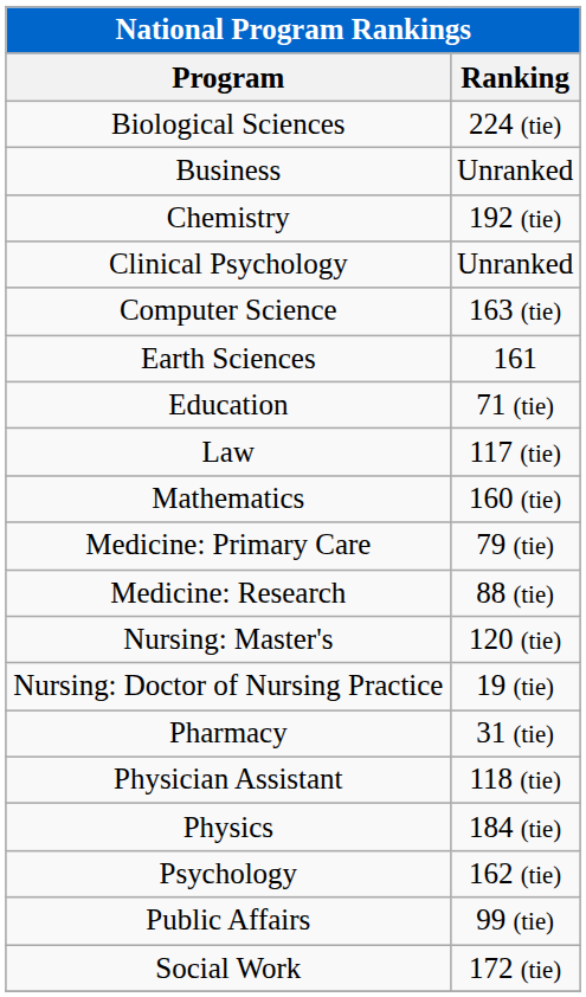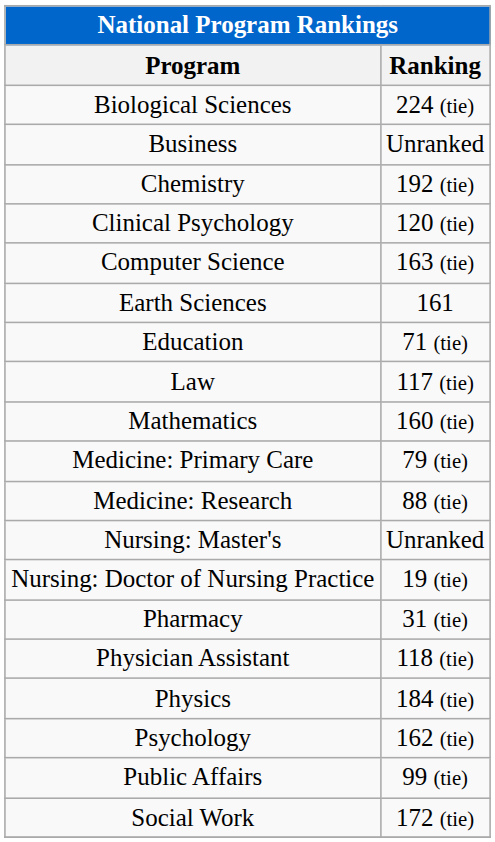 <table class="wikitable sortable collapsible collapsed" style="float:right; clear:right; text-align:center">
 <tr>
 <th colspan=4 style="background:#0066cc; color:#ffffff; ">National Program Rankings</th>
 </tr>
 <tr>
 <th>Program</th>
 <th>Ranking</th>
 </tr>
 <tr>
 <td>Biological Sciences</td>
 <td>224 <small>(tie)</small></td>
 </tr>
 <tr>
 <td>Business</td>
 <td>Unranked</td>
 </tr>
 <tr>
 <td>Chemistry</td>
 <td>192 <small>(tie)</small></td>
 </tr>
 <tr>
 <td>Clinical Psychology</td>
-<td>Unranked</td>
+<td>120 <small>(tie)</small></td>
 </tr>
 <tr>
 <td>Computer Science</td>
 <td>163 <small>(tie)</small></td>
 </tr>
 <tr>
 <td>Earth Sciences</td>
 <td>161</td>
 </tr>
 <tr>
 <td>Education</td>
 <td>71 <small>(tie)</small></td>
 </tr>
 <tr>
 <td>Law</td>
 <td>117 <small>(tie)</small></td>
 </tr>
 <tr>
 <td>Mathematics</td>
 <td>160 <small>(tie)</small></td>
 </tr>
 <tr>
 <td>Medicine: Primary Care</td>
 <td>79 <small>(tie)</small></td>
 </tr>
 <tr>
 <td>Medicine: Research</td>
 <td>88 <small>(tie)</small></td>
 </tr>
 <tr>
 <td>Nursing: Master's</td>
-<td>120 <small>(tie)</small></td>
+<td>Unranked</td>
 </tr>
 <tr>
 <td>Nursing: Doctor of Nursing Practice</td>
 <td>19 <small>(tie)</small></td>
 </tr>
 <tr>
 <td>Pharmacy</td>
 <td>31 <small>(tie)</small></td>
 </tr>
 <tr>
 <td>Physician Assistant</td>
 <td>118 <small>(tie)</small></td>
 </tr>
 <tr>
 <td>Physics</td>
 <td>184 <small>(tie)</small></td>
 </tr>
 <tr>
 <td>Psychology</td>
 <td>162 <small>(tie)</small></td>
 </tr>
 <tr>
 <td>Public Affairs</td>
 <td>99 <small>(tie)</small></td>
 </tr>
 <tr>
 <td>Social Work</td>
 <td>172 <small>(tie)</small></td>
 </tr>
 <tr>
 </tr>
 </table>
